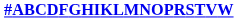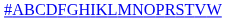 <table id="toc" class="toc" summary="Class">
 <tr>
 <th></th>
 </tr>
 <tr>
-<td style="text-align:center;"><strong><a href='#'>#</a><a href='#'>A</a><a href='#'>B</a><a href='#'>C</a><a href='#'>D</a><a href='#'>F</a><a href='#'>G</a><a href='#'>H</a><a href='#'>I</a><a href='#'>K</a><a href='#'>L</a><a href='#'>M</a><a href='#'>N</a><a href='#'>O</a><a href='#'>P</a><a href='#'>R</a><a href='#'>S</a><a href='#'>T</a><a href='#'>V</a><a href='#'>W</a></strong></td>
+<td style="text-align:center;"><a href='#'>#</a><a href='#'>A</a><a href='#'>B</a><a href='#'>C</a><a href='#'>D</a><a href='#'>F</a><a href='#'>G</a><a href='#'>H</a><a href='#'>I</a><a href='#'>K</a><a href='#'>L</a><a href='#'>M</a><a href='#'>N</a><a href='#'>O</a><a href='#'>P</a><a href='#'>R</a><a href='#'>S</a><a href='#'>T</a><a href='#'>V</a><a href='#'>W</a></td>
 </tr>
 </table>
